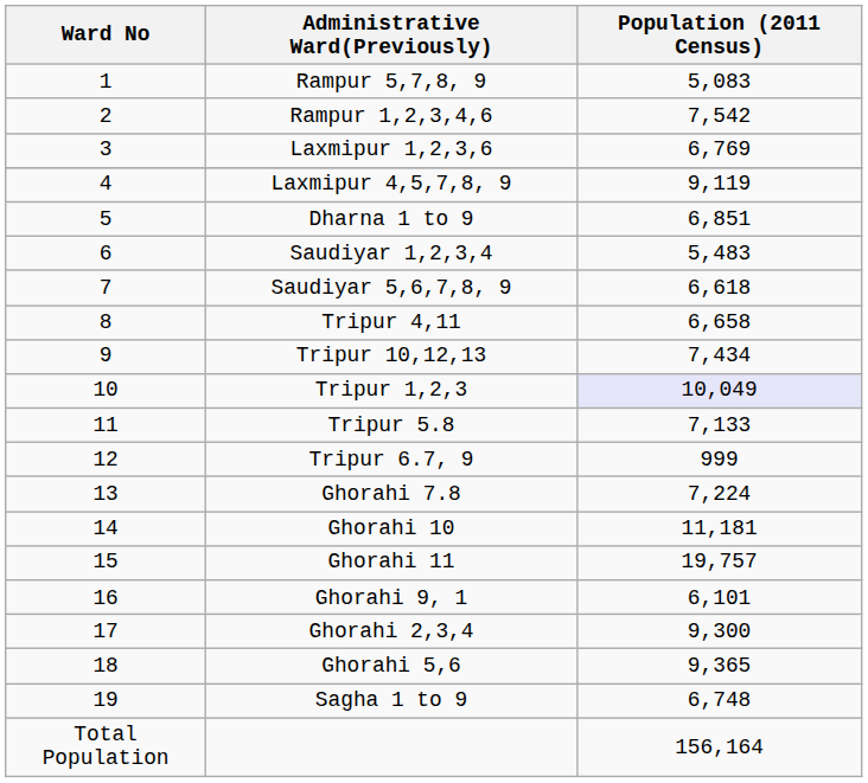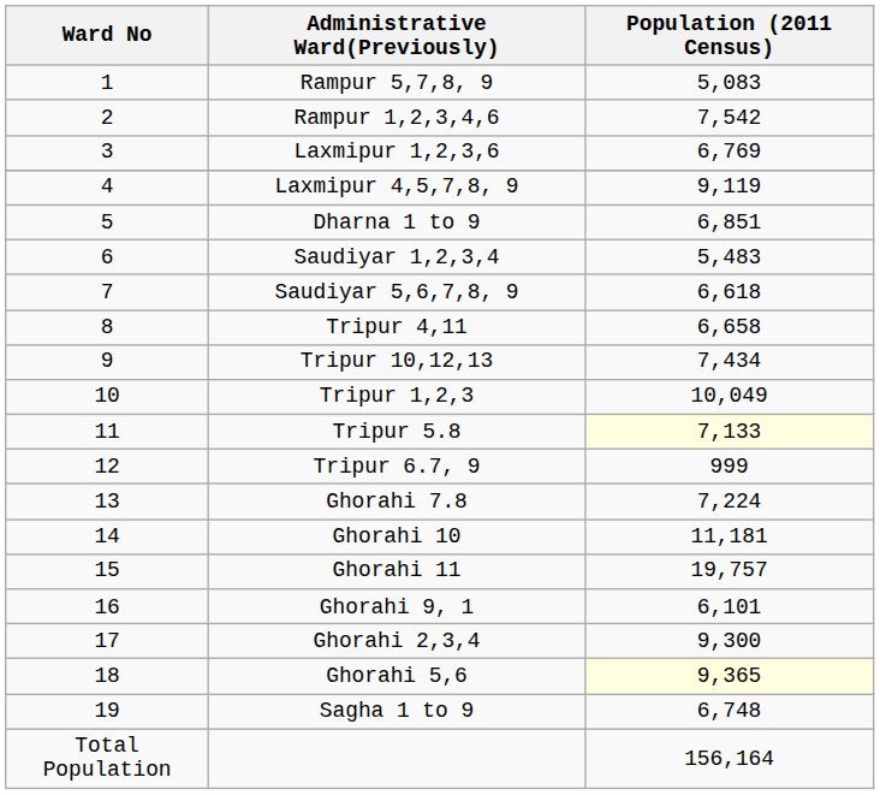 <table class="wikitable" style="width:33.33%;text-align:center">
 <tr>
 <th>Ward No</th>
 <th>Administrative Ward(Previously)</th>
 <th>Population (2011 Census)</th>
 </tr>
 <tr>
 <td>1</td>
 <td>Rampur 5,7,8, 9</td>
 <td>5,083</td>
 </tr>
 <tr>
 <td>2</td>
 <td>Rampur 1,2,3,4,6</td>
 <td>7,542</td>
 </tr>
 <tr>
 <td>3</td>
 <td>Laxmipur 1,2,3,6</td>
 <td>6,769</td>
 </tr>
 <tr>
 </tr>
 <tr>
 <td>4</td>
 <td>Laxmipur 4,5,7,8, 9</td>
 <td>9,119</td>
 </tr>
 <tr>
 <td>5</td>
 <td>Dharna 1 to 9</td>
 <td>6,851</td>
 </tr>
 <tr>
 <td>6</td>
 <td>Saudiyar 1,2,3,4</td>
 <td>5,483</td>
 </tr>
 <tr>
 <td>7</td>
 <td>Saudiyar 5,6,7,8, 9</td>
 <td>6,618</td>
 </tr>
 <tr>
 <td>8</td>
 <td>Tripur 4,11</td>
 <td>6,658</td>
 </tr>
 <tr>
 <td>9</td>
 <td>Tripur 10,12,13</td>
 <td>7,434</td>
 </tr>
 <tr>
 <td>10</td>
 <td>Tripur 1,2,3</td>
-<td style="background: lavender;">10,049</td>
+<td>10,049</td>
 </tr>
 <tr>
 <td>11</td>
 <td>Tripur 5.8</td>
-<td>7,133</td>
+<td style="background: lightyellow;">7,133</td>
 </tr>
 <tr>
 <td>12</td>
 <td>Tripur 6.7, 9</td>
 <td>999</td>
 </tr>
 <tr>
 <td>13</td>
 <td>Ghorahi 7.8</td>
 <td>7,224</td>
 </tr>
 <tr>
 <td>14</td>
 <td>Ghorahi 10</td>
 <td>11,181</td>
 </tr>
 <tr>
 <td>15</td>
 <td>Ghorahi 11</td>
 <td>19,757</td>
 </tr>
 <tr>
 <td>16</td>
 <td>Ghorahi 9, 1</td>
 <td>6,101</td>
 </tr>
 <tr>
 <td>17</td>
 <td>Ghorahi 2,3,4</td>
 <td>9,300</td>
 </tr>
 <tr>
 <td>18</td>
 <td>Ghorahi 5,6</td>
-<td>9,365</td>
+<td style="background: lightyellow;">9,365</td>
 </tr>
 <tr>
 <td>19</td>
 <td>Sagha 1 to 9</td>
 <td>6,748</td>
 </tr>
 <tr>
 <td>Total Population</td>
 <td></td>
 <td>156,164</td>
 </tr>
 </table>
